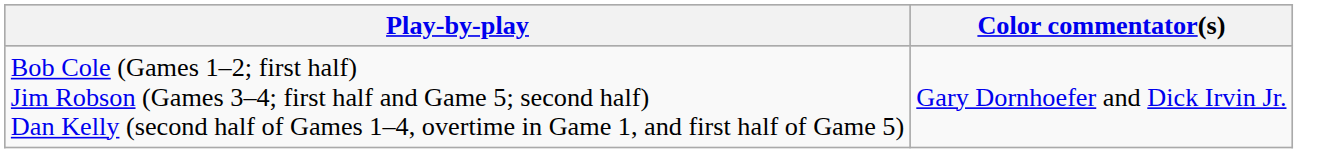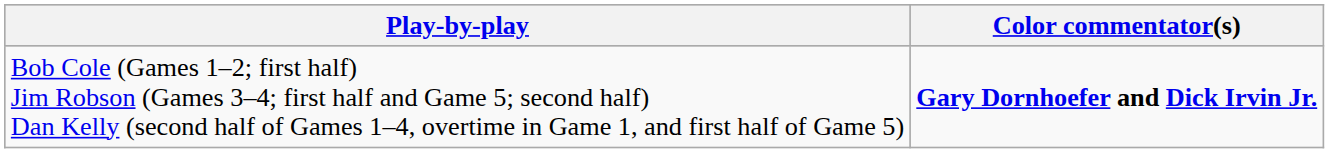 <table class="wikitable">
 <tr>
 <th><a href='#'>Play-by-play</a></th>
 <th><a href='#'>Color commentator</a>(s)</th>
 </tr>
 <tr>
 <td><a href='#'>Bob Cole</a> (Games 1–2; first half)<br><a href='#'>Jim Robson</a> (Games 3–4; first half and Game 5; second half)<br><a href='#'>Dan Kelly</a> (second half of Games 1–4, overtime in Game 1, and first half of Game 5)</td>
-<td><a href='#'>Gary Dornhoefer</a> and <a href='#'>Dick Irvin Jr.</a></td>
+<td><strong><a href='#'>Gary Dornhoefer</a> and <a href='#'>Dick Irvin Jr.</a></strong></td>
 </tr>
 </table>
